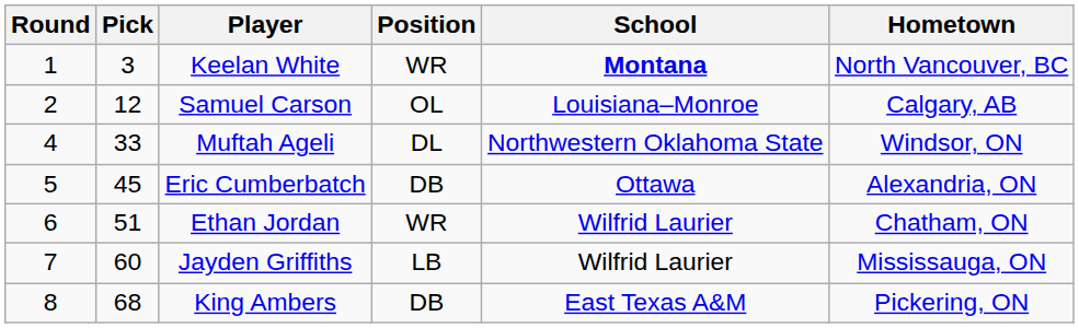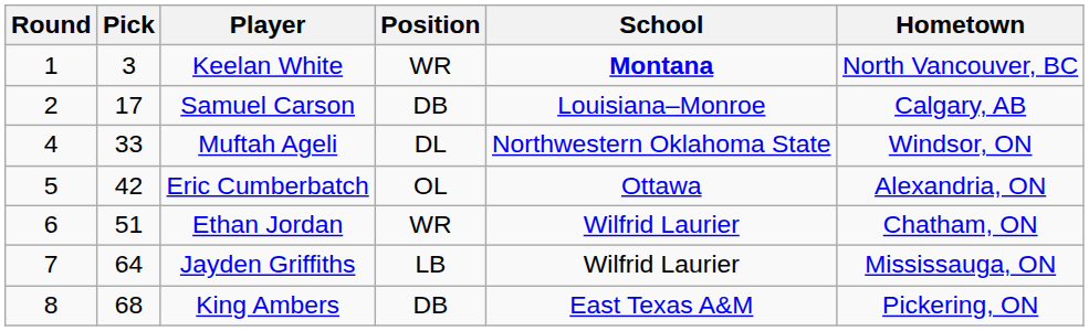 <table class="wikitable style="font-size: 95%;">
 <tr>
 <th scope="col">Round</th>
 <th scope="col">Pick</th>
 <th scope="col">Player</th>
 <th scope="col">Position</th>
 <th scope="col">School</th>
 <th scope="col">Hometown</th>
 </tr>
 <tr align="center">
 <td align=center>1</td>
 <td>3</td>
 <td><a href='#'>Keelan White</a></td>
 <td>WR</td>
 <td><strong><a href='#'>Montana</a></strong></td>
 <td><a href='#'>North Vancouver, BC</a></td>
 </tr>
 <tr align="center">
 <td align=center>2</td>
-<td>12</td>
+<td>17</td>
 <td><a href='#'>Samuel Carson</a></td>
-<td>OL</td>
+<td>DB</td>
 <td><a href='#'>Louisiana–Monroe</a></td>
 <td><a href='#'>Calgary, AB</a></td>
 </tr>
 <tr align="center">
 <td align=center>4</td>
 <td>33</td>
 <td><a href='#'>Muftah Ageli</a></td>
 <td>DL</td>
 <td><a href='#'>Northwestern Oklahoma State</a></td>
 <td><a href='#'>Windsor, ON</a></td>
 </tr>
 <tr align="center">
 <td align=center>5</td>
-<td>45</td>
+<td>42</td>
 <td><a href='#'>Eric Cumberbatch</a></td>
-<td>DB</td>
+<td>OL</td>
 <td><a href='#'>Ottawa</a></td>
 <td><a href='#'>Alexandria, ON</a></td>
 </tr>
 <tr align="center">
 <td align=center>6</td>
 <td>51</td>
 <td><a href='#'>Ethan Jordan</a></td>
 <td>WR</td>
 <td><a href='#'>Wilfrid Laurier</a></td>
 <td><a href='#'>Chatham, ON</a></td>
 </tr>
 <tr align="center">
 <td align=center>7</td>
-<td>60</td>
+<td>64</td>
 <td><a href='#'>Jayden Griffiths</a></td>
 <td>LB</td>
 <td>Wilfrid Laurier</td>
 <td><a href='#'>Mississauga, ON</a></td>
 </tr>
 <tr align="center">
 <td align=center>8</td>
 <td>68</td>
 <td><a href='#'>King Ambers</a></td>
 <td>DB</td>
 <td><a href='#'>East Texas A&M</a></td>
 <td><a href='#'>Pickering, ON</a></td>
 </tr>
 </table>
